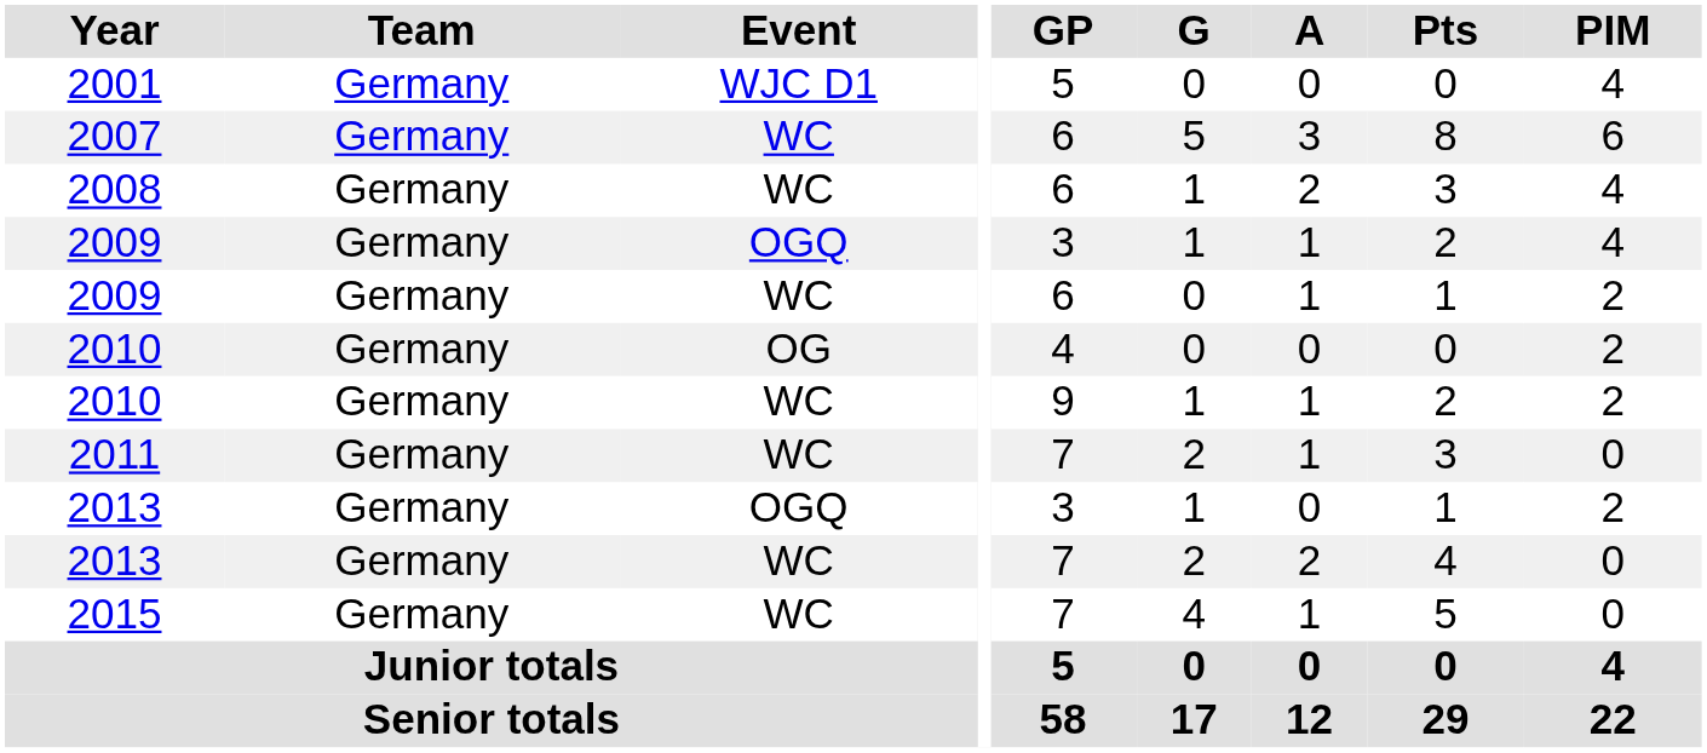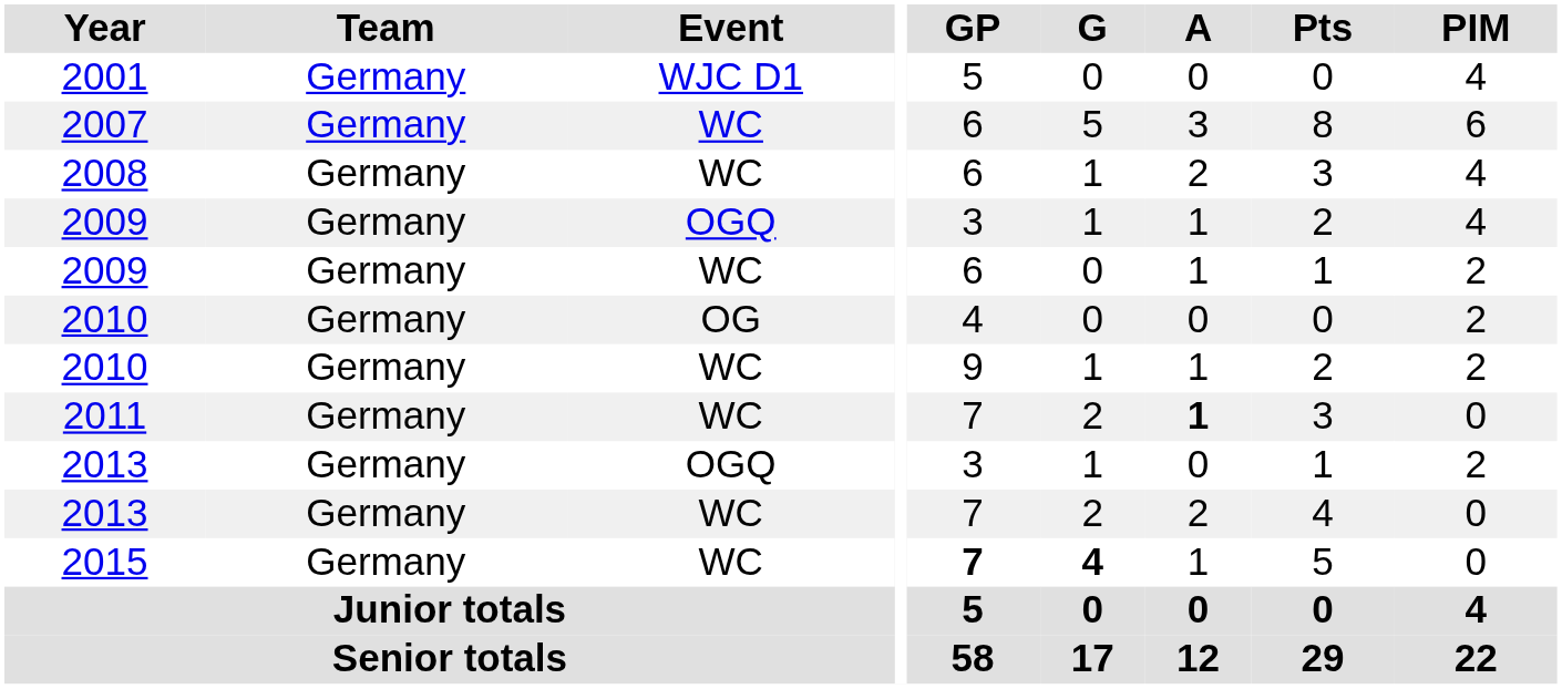 <table border="0" cellpadding="1" cellspacing="0" ID="Table3" style="text-align:center; width:40em">
 <tr ALIGN="center" bgcolor="#e0e0e0">
 <th>Year</th>
 <th>Team</th>
 <th>Event</th>
 <th rowspan="99" bgcolor="#ffffff"></th>
 <th>GP</th>
 <th>G</th>
 <th>A</th>
 <th>Pts</th>
 <th>PIM</th>
 </tr>
 <tr>
 <td><a href='#'>2001</a></td>
 <td><a href='#'>Germany</a></td>
 <td><a href='#'>WJC D1</a></td>
 <td>5</td>
 <td>0</td>
 <td>0</td>
 <td>0</td>
 <td>4</td>
 </tr>
 <tr bgcolor="#f0f0f0">
 <td><a href='#'>2007</a></td>
 <td><a href='#'>Germany</a></td>
 <td><a href='#'>WC</a></td>
 <td>6</td>
 <td>5</td>
 <td>3</td>
 <td>8</td>
 <td>6</td>
 </tr>
 <tr>
 <td><a href='#'>2008</a></td>
 <td>Germany</td>
 <td>WC</td>
 <td>6</td>
 <td>1</td>
 <td>2</td>
 <td>3</td>
 <td>4</td>
 </tr>
 <tr bgcolor="#f0f0f0">
 <td><a href='#'>2009</a></td>
 <td>Germany</td>
 <td><a href='#'>OGQ</a></td>
 <td>3</td>
 <td>1</td>
 <td>1</td>
 <td>2</td>
 <td>4</td>
 </tr>
 <tr>
 <td><a href='#'>2009</a></td>
 <td>Germany</td>
 <td>WC</td>
 <td>6</td>
 <td>0</td>
 <td>1</td>
 <td>1</td>
 <td>2</td>
 </tr>
 <tr bgcolor="#f0f0f0">
 <td><a href='#'>2010</a></td>
 <td>Germany</td>
 <td>OG</td>
 <td>4</td>
 <td>0</td>
 <td>0</td>
 <td>0</td>
 <td>2</td>
 </tr>
 <tr>
 <td><a href='#'>2010</a></td>
 <td>Germany</td>
 <td>WC</td>
 <td>9</td>
 <td>1</td>
 <td>1</td>
 <td>2</td>
 <td>2</td>
 </tr>
 <tr bgcolor="#f0f0f0">
 <td><a href='#'>2011</a></td>
 <td>Germany</td>
 <td>WC</td>
 <td>7</td>
 <td>2</td>
-<td>1</td>
+<td><strong>1</strong></td>
 <td>3</td>
 <td>0</td>
 </tr>
 <tr>
 <td><a href='#'>2013</a></td>
 <td>Germany</td>
 <td>OGQ</td>
 <td>3</td>
 <td>1</td>
 <td>0</td>
 <td>1</td>
 <td>2</td>
 </tr>
 <tr bgcolor="#f0f0f0">
 <td><a href='#'>2013</a></td>
 <td>Germany</td>
 <td>WC</td>
 <td>7</td>
 <td>2</td>
 <td>2</td>
 <td>4</td>
 <td>0</td>
 </tr>
 <tr>
 <td><a href='#'>2015</a></td>
 <td>Germany</td>
 <td>WC</td>
-<td>7</td>
-<td>4</td>
+<td><strong>7</strong></td>
+<td><strong>4</strong></td>
 <td>1</td>
 <td>5</td>
 <td>0</td>
 </tr>
 <tr bgcolor="#e0e0e0">
 <th colspan="3">Junior totals</th>
 <th>5</th>
 <th>0</th>
 <th>0</th>
 <th>0</th>
 <th>4</th>
 </tr>
 <tr bgcolor="#e0e0e0">
 <th colspan="3">Senior totals</th>
 <th>58</th>
 <th>17</th>
 <th>12</th>
 <th>29</th>
 <th>22</th>
 </tr>
 </table>
